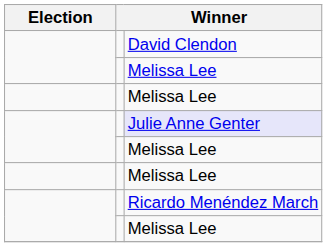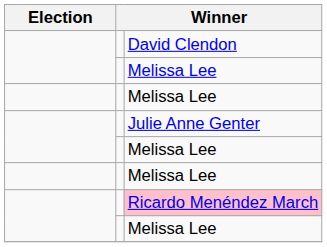 <table class=wikitable>
 <tr>
 <th width=100>Election</th>
 <th width=175 colspan=2>Winner</th>
 </tr>
 <tr>
 <td rowspan=2></td>
 <td bgcolor=></td>
 <td><a href='#'>David Clendon</a></td>
 </tr>
 <tr>
 <td bgcolor=></td>
 <td><a href='#'>Melissa Lee</a></td>
 </tr>
 <tr>
 <td></td>
 <td bgcolor=></td>
 <td>Melissa Lee</td>
 </tr>
 <tr>
 <td rowspan=2></td>
 <td bgcolor=></td>
-<td style="background: lavender;"><a href='#'>Julie Anne Genter</a></td>
+<td><a href='#'>Julie Anne Genter</a></td>
 </tr>
 <tr>
 <td bgcolor=></td>
 <td>Melissa Lee</td>
 </tr>
 <tr>
 <td></td>
 <td bgcolor=></td>
 <td>Melissa Lee</td>
 </tr>
 <tr>
 <td rowspan=2></td>
 <td bgcolor=></td>
-<td><a href='#'>Ricardo Menéndez March</a></td>
+<td style="background: pink;"><a href='#'>Ricardo Menéndez March</a></td>
 </tr>
 <tr>
 <td bgcolor=></td>
 <td>Melissa Lee</td>
 </tr>
 <tr>
 </tr>
 </table>
